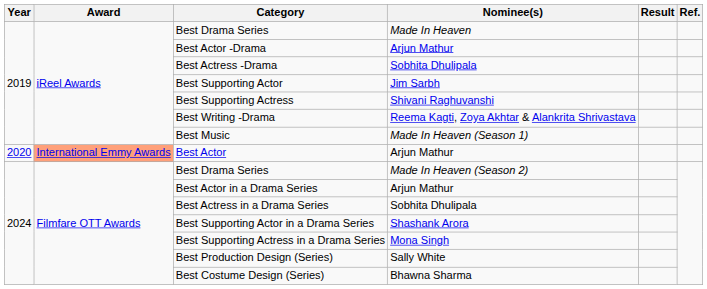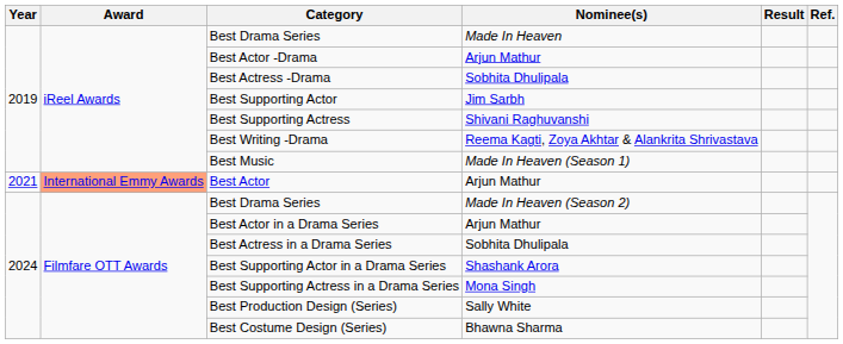 <table class="wikitable plainrowheaders sortable">
 <tr>
 <th scope="col">Year</th>
 <th scope="col">Award</th>
 <th scope="col">Category</th>
 <th scope="col">Nominee(s)</th>
 <th scope="col">Result</th>
 <th scope="col">Ref.</th>
 </tr>
 <tr>
 <td rowspan="7">2019</td>
 <td rowspan="7"><a href='#'>iReel Awards</a></td>
 <td>Best Drama Series</td>
 <td><em>Made In Heaven</em></td>
 <td></td>
 <td></td>
 </tr>
 <tr>
 <td>Best Actor -Drama</td>
 <td><a href='#'>Arjun Mathur</a></td>
 <td></td>
 <td></td>
 </tr>
 <tr>
 <td>Best Actress -Drama</td>
 <td><a href='#'>Sobhita Dhulipala</a></td>
 <td></td>
 <td></td>
 </tr>
 <tr>
 <td>Best Supporting Actor</td>
 <td><a href='#'>Jim Sarbh</a></td>
 <td></td>
 <td></td>
 </tr>
 <tr>
 <td>Best Supporting Actress</td>
 <td><a href='#'>Shivani Raghuvanshi</a></td>
 <td></td>
 <td></td>
 </tr>
 <tr>
 <td>Best Writing -Drama</td>
 <td><a href='#'>Reema Kagti</a>, <a href='#'>Zoya Akhtar</a> & <a href='#'>Alankrita Shrivastava</a></td>
 <td></td>
 <td></td>
 </tr>
 <tr>
 <td>Best Music</td>
 <td><em>Made In Heaven (Season 1)</em></td>
 <td></td>
 <td></td>
 </tr>
 <tr>
-<td><a href='#'>2020</a></td>
+<td><a href='#'>2021</a></td>
 <td style="background: lightsalmon;"><a href='#'>International Emmy Awards</a></td>
 <td><a href='#'>Best Actor</a></td>
 <td>Arjun Mathur</td>
 <td></td>
 <td></td>
 </tr>
 <tr>
 <td rowspan="7">2024</td>
 <td rowspan="7"><a href='#'>Filmfare OTT Awards</a></td>
 <td>Best Drama Series</td>
 <td><em>Made In Heaven (Season 2)</em></td>
 <td></td>
 <td rowspan="7"></td>
 </tr>
 <tr>
 <td>Best Actor in a Drama Series</td>
 <td>Arjun Mathur</td>
 <td></td>
 </tr>
 <tr>
 <td>Best Actress in a Drama Series</td>
 <td>Sobhita Dhulipala</td>
 <td></td>
 </tr>
 <tr>
 <td>Best Supporting Actor in a Drama Series</td>
 <td><a href='#'>Shashank Arora</a></td>
 <td></td>
 </tr>
 <tr>
 <td>Best Supporting Actress in a Drama Series</td>
 <td><a href='#'>Mona Singh</a></td>
 <td></td>
 </tr>
 <tr>
 <td>Best Production Design (Series)</td>
 <td>Sally White</td>
 <td></td>
 </tr>
 <tr>
 <td>Best Costume Design (Series)</td>
 <td>Bhawna Sharma</td>
 <td></td>
 </tr>
 </table>
